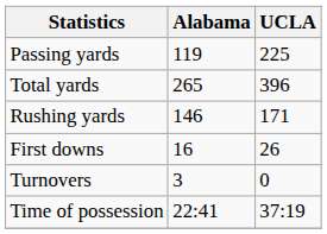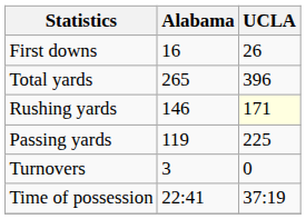 <table class="wikitable" style="float: left;">
 <tr>
 <th>Statistics</th>
 <th>Alabama</th>
 <th>UCLA</th>
 </tr>
 <tr>
-<td>Passing yards</td>
-<td>119</td>
-<td>225</td>
+<td>First downs</td>
+<td>16</td>
+<td>26</td>
 </tr>
 <tr>
 <td>Total yards</td>
 <td>265</td>
 <td>396</td>
 </tr>
 <tr>
 <td>Rushing yards</td>
 <td>146</td>
-<td>171</td>
+<td style="background: lightyellow;">171</td>
 </tr>
 <tr>
-<td>First downs</td>
-<td>16</td>
-<td>26</td>
+<td>Passing yards</td>
+<td>119</td>
+<td>225</td>
 </tr>
 <tr>
 <td>Turnovers</td>
 <td>3</td>
 <td>0</td>
 </tr>
 <tr>
 <td>Time of possession</td>
 <td>22:41</td>
 <td>37:19</td>
 </tr>
 <tr>
 </tr>
 </table>
